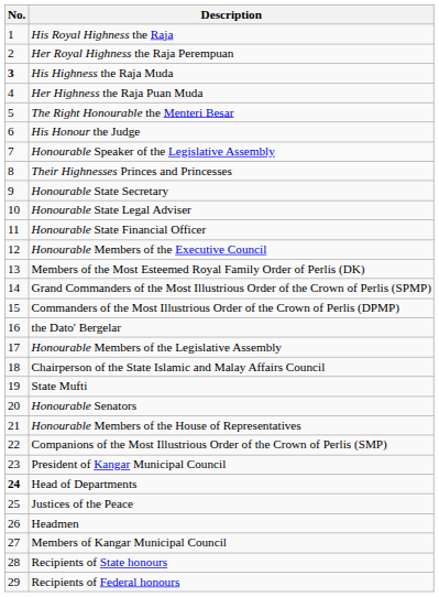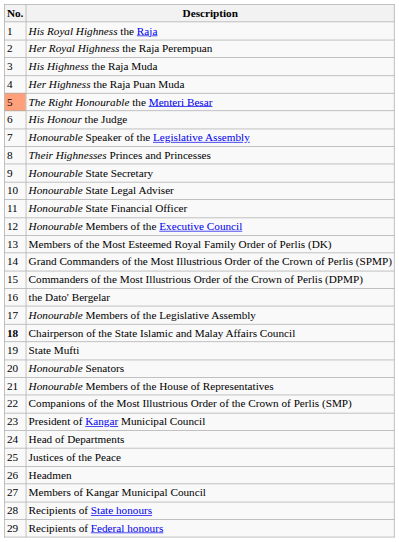 <table class="wikitable">
 <tr>
 <th>No.</th>
 <th>Description</th>
 </tr>
 <tr>
 <td>1</td>
 <td><em>His Royal Highness</em> the <a href='#'>Raja</a></td>
 </tr>
 <tr>
 <td>2</td>
 <td><em>Her Royal Highness</em> the Raja Perempuan</td>
 </tr>
 <tr>
-<td><strong>3</strong></td>
+<td>3</td>
 <td><em>His Highness</em> the Raja Muda</td>
 </tr>
 <tr>
 <td>4</td>
 <td><em>Her Highness</em> the Raja Puan Muda</td>
 </tr>
 <tr>
-<td>5</td>
+<td style="background: lightsalmon;">5</td>
 <td><em>The Right Honourable</em> the <a href='#'>Menteri Besar</a></td>
 </tr>
 <tr>
 <td>6</td>
 <td><em>His Honour</em> the Judge</td>
 </tr>
 <tr>
 <td>7</td>
 <td><em>Honourable</em> Speaker of the <a href='#'>Legislative Assembly</a></td>
 </tr>
 <tr>
 <td>8</td>
 <td><em>Their Highnesses</em> Princes and Princesses</td>
 </tr>
 <tr>
 <td>9</td>
 <td><em>Honourable</em> State Secretary</td>
 </tr>
 <tr>
 <td>10</td>
 <td><em>Honourable</em> State Legal Adviser</td>
 </tr>
 <tr>
 <td>11</td>
 <td><em>Honourable</em> State Financial Officer</td>
 </tr>
 <tr>
 <td>12</td>
 <td><em>Honourable</em> Members of the <a href='#'>Executive Council</a></td>
 </tr>
 <tr>
 <td>13</td>
 <td>Members of the Most Esteemed Royal Family Order of Perlis (DK)</td>
 </tr>
 <tr>
 <td>14</td>
 <td>Grand Commanders of the Most Illustrious Order of the Crown of Perlis (SPMP)</td>
 </tr>
 <tr>
 <td>15</td>
 <td>Commanders of the Most Illustrious Order of the Crown of Perlis (DPMP)</td>
 </tr>
 <tr>
 <td>16</td>
 <td>the Dato' Bergelar</td>
 </tr>
 <tr>
 <td>17</td>
 <td><em>Honourable</em> Members of the Legislative Assembly</td>
 </tr>
 <tr>
-<td>18</td>
+<td><strong>18</strong></td>
 <td>Chairperson of the State Islamic and Malay Affairs Council</td>
 </tr>
 <tr>
 <td>19</td>
 <td>State Mufti</td>
 </tr>
 <tr>
 <td>20</td>
 <td><em>Honourable</em> Senators</td>
 </tr>
 <tr>
 <td>21</td>
 <td><em>Honourable</em> Members of the House of Representatives</td>
 </tr>
 <tr>
 <td>22</td>
 <td>Companions of the Most Illustrious Order of the Crown of Perlis (SMP)</td>
 </tr>
 <tr>
 <td>23</td>
 <td>President of <a href='#'>Kangar</a> Municipal Council</td>
 </tr>
 <tr>
-<td><strong>24</strong></td>
+<td>24</td>
 <td>Head of Departments</td>
 </tr>
 <tr>
 <td>25</td>
 <td>Justices of the Peace</td>
 </tr>
 <tr>
 <td>26</td>
 <td>Headmen</td>
 </tr>
 <tr>
 <td>27</td>
 <td>Members of Kangar Municipal Council</td>
 </tr>
 <tr>
 <td>28</td>
 <td>Recipients of <a href='#'>State honours</a></td>
 </tr>
 <tr>
 <td>29</td>
 <td>Recipients of <a href='#'>Federal honours</a></td>
 </tr>
 </table>
